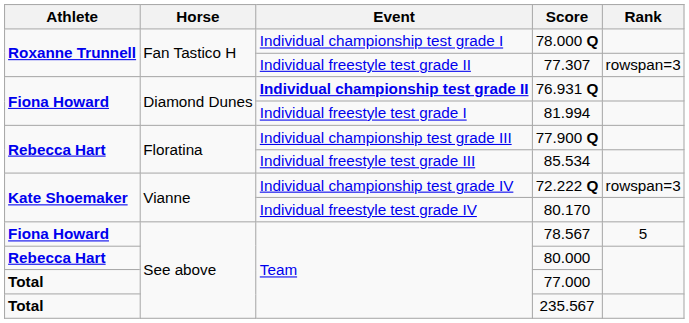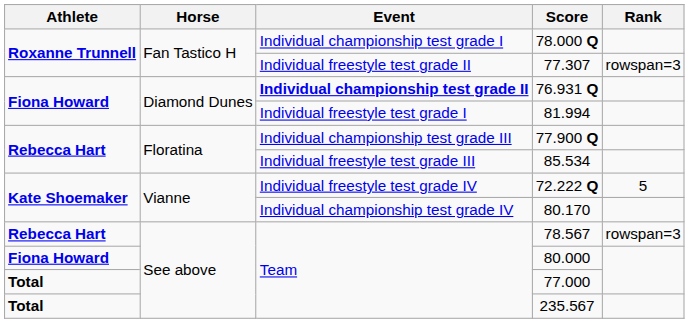 <table class=wikitable style=font-size:90%;text-align:center>
 <tr>
 <th>Athlete</th>
 <th>Horse</th>
 <th>Event</th>
 <th>Score</th>
 <th>Rank</th>
 </tr>
 <tr>
 <td align=left rowspan=2><strong><a href='#'>Roxanne Trunnell</a></strong></td>
 <td align=left rowspan=2>Fan Tastico H</td>
 <td align=left><a href='#'>Individual championship test grade I</a></td>
 <td>78.000 <strong>Q</strong></td>
 <td></td>
 </tr>
 <tr>
 <td align=left><a href='#'>Individual freestyle test grade II</a></td>
 <td>77.307</td>
 <td>rowspan=3</td>
 </tr>
 <tr>
 <td align=left rowspan=2><strong><a href='#'>Fiona Howard</a></strong></td>
 <td align=left rowspan=2>Diamond Dunes</td>
 <td align=left><strong><a href='#'>Individual championship test grade II</a></strong></td>
 <td>76.931 <strong>Q</strong></td>
 <td></td>
 </tr>
 <tr>
 <td align=left><a href='#'>Individual freestyle test grade I</a></td>
 <td>81.994</td>
 <td></td>
 </tr>
 <tr>
 <td align=left rowspan=2><strong><a href='#'>Rebecca Hart</a></strong></td>
 <td align=left rowspan=2>Floratina</td>
 <td align=left><a href='#'>Individual championship test grade III</a></td>
 <td>77.900 <strong>Q</strong></td>
 <td></td>
 </tr>
 <tr>
 <td align=left><a href='#'>Individual freestyle test grade III</a></td>
 <td>85.534</td>
 <td></td>
 </tr>
 <tr>
 <td align=left rowspan=2><strong><a href='#'>Kate Shoemaker</a></strong></td>
 <td align=left rowspan=2>Vianne</td>
-<td align=left><a href='#'>Individual championship test grade IV</a></td>
+<td align=left><a href='#'>Individual freestyle test grade IV</a></td>
 <td>72.222 <strong>Q</strong></td>
-<td>rowspan=3</td>
+<td>5</td>
 </tr>
 <tr>
-<td align=left><a href='#'>Individual freestyle test grade IV</a></td>
+<td align=left><a href='#'>Individual championship test grade IV</a></td>
 <td>80.170</td>
 <td></td>
 </tr>
 <tr>
-<td align=left><strong><a href='#'>Fiona Howard</a></strong></td>
+<td align=left><strong><a href='#'>Rebecca Hart</a></strong></td>
 <td align=left rowspan=4>See above</td>
 <td align=left rowspan=4><a href='#'>Team</a></td>
 <td>78.567</td>
-<td>5</td>
+<td>rowspan=3</td>
 </tr>
 <tr>
-<td align=left><strong><a href='#'>Rebecca Hart</a></strong></td>
+<td align=left><strong><a href='#'>Fiona Howard</a></strong></td>
 <td>80.000</td>
 </tr>
 <tr>
 <td align=left><strong>Total</strong></td>
 <td>77.000</td>
 </tr>
 <tr>
 <td align=left><strong>Total</strong></td>
 <td>235.567</td>
 <td></td>
 </tr>
 </table>
